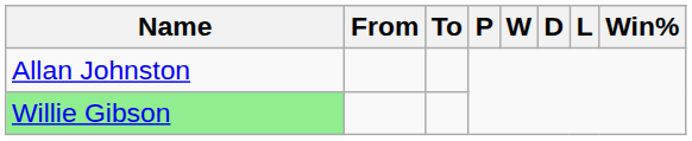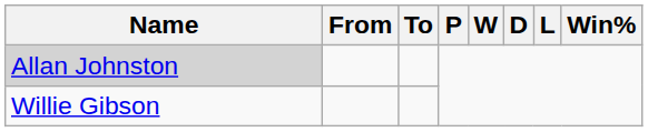 <table class="wikitable sortable" style="text-align: center">
 <tr>
 <th style="width:12em">Name</th>
 <th>From</th>
 <th>To</th>
 <th>P</th>
 <th>W</th>
 <th>D</th>
 <th>L</th>
 <th>Win%</th>
 </tr>
 <tr>
-<td align=left><a href='#'>Allan Johnston</a></td>
+<td align=left style="background: lightgrey;"><a href='#'>Allan Johnston</a></td>
 <td></td>
 <td><br></td>
 </tr>
 <tr>
-<td align=left style="background: lightgreen;"><a href='#'>Willie Gibson</a></td>
+<td align=left><a href='#'>Willie Gibson</a></td>
 <td></td>
 <td><br></td>
 </tr>
 </table>
